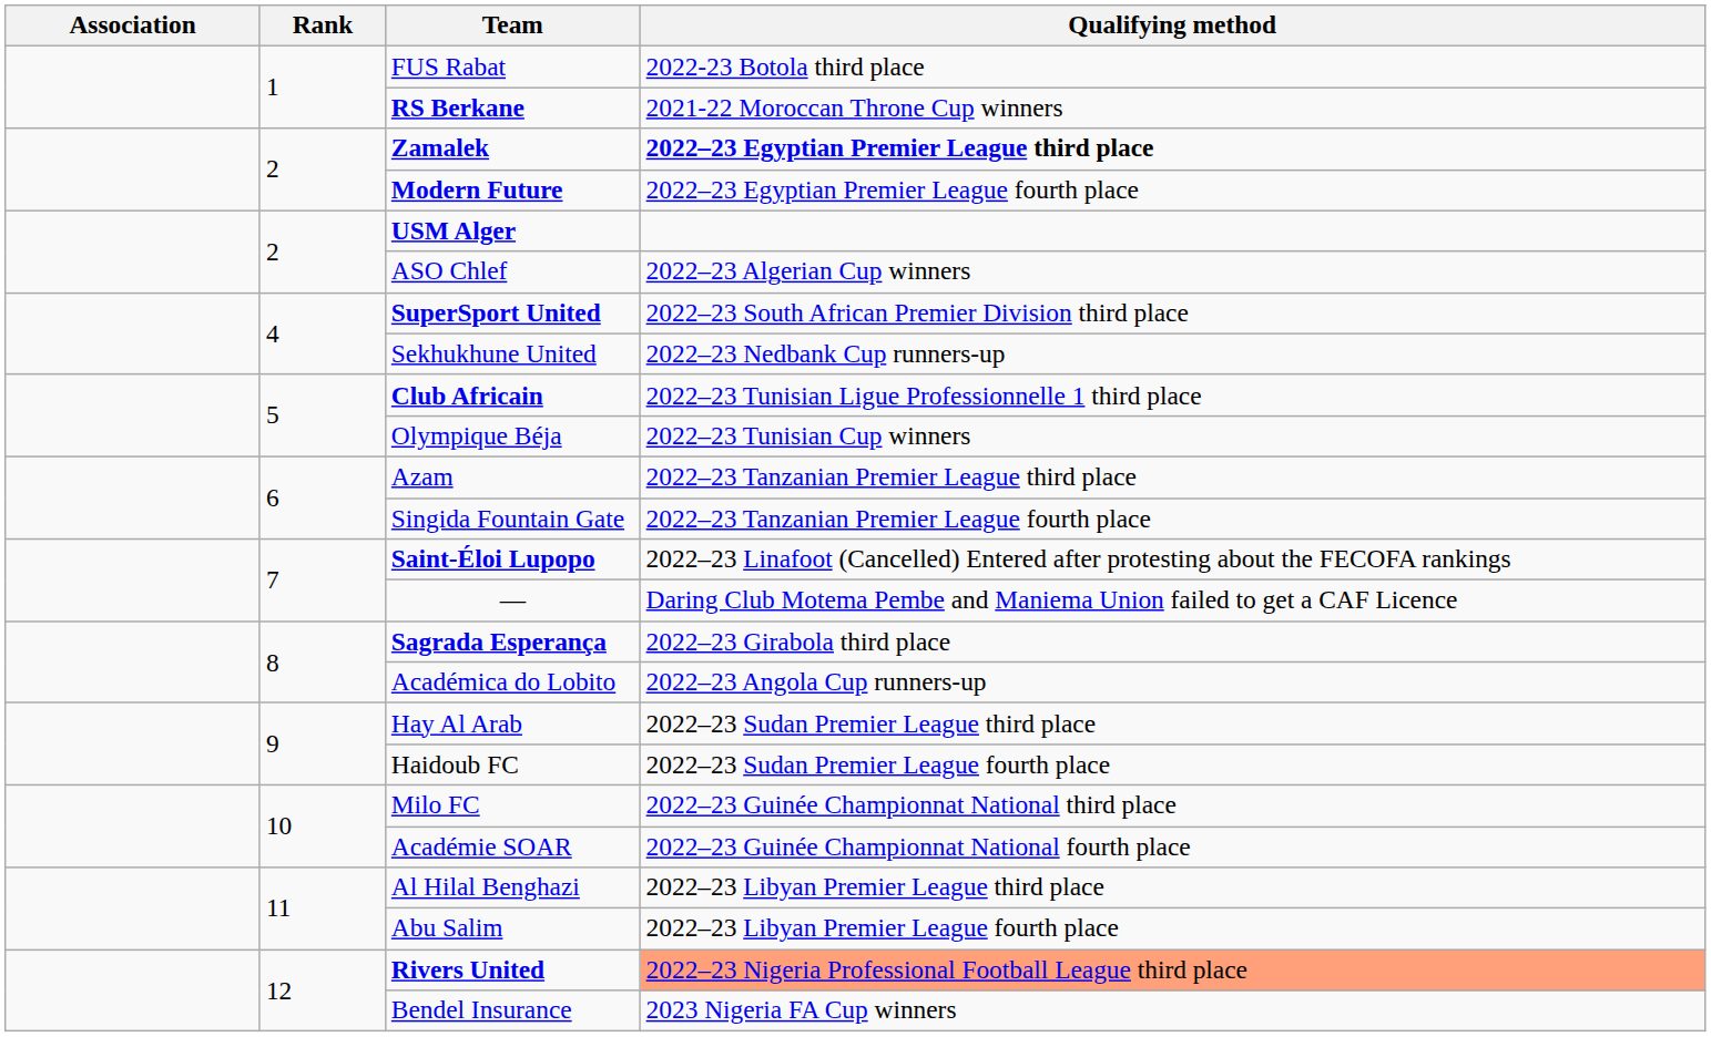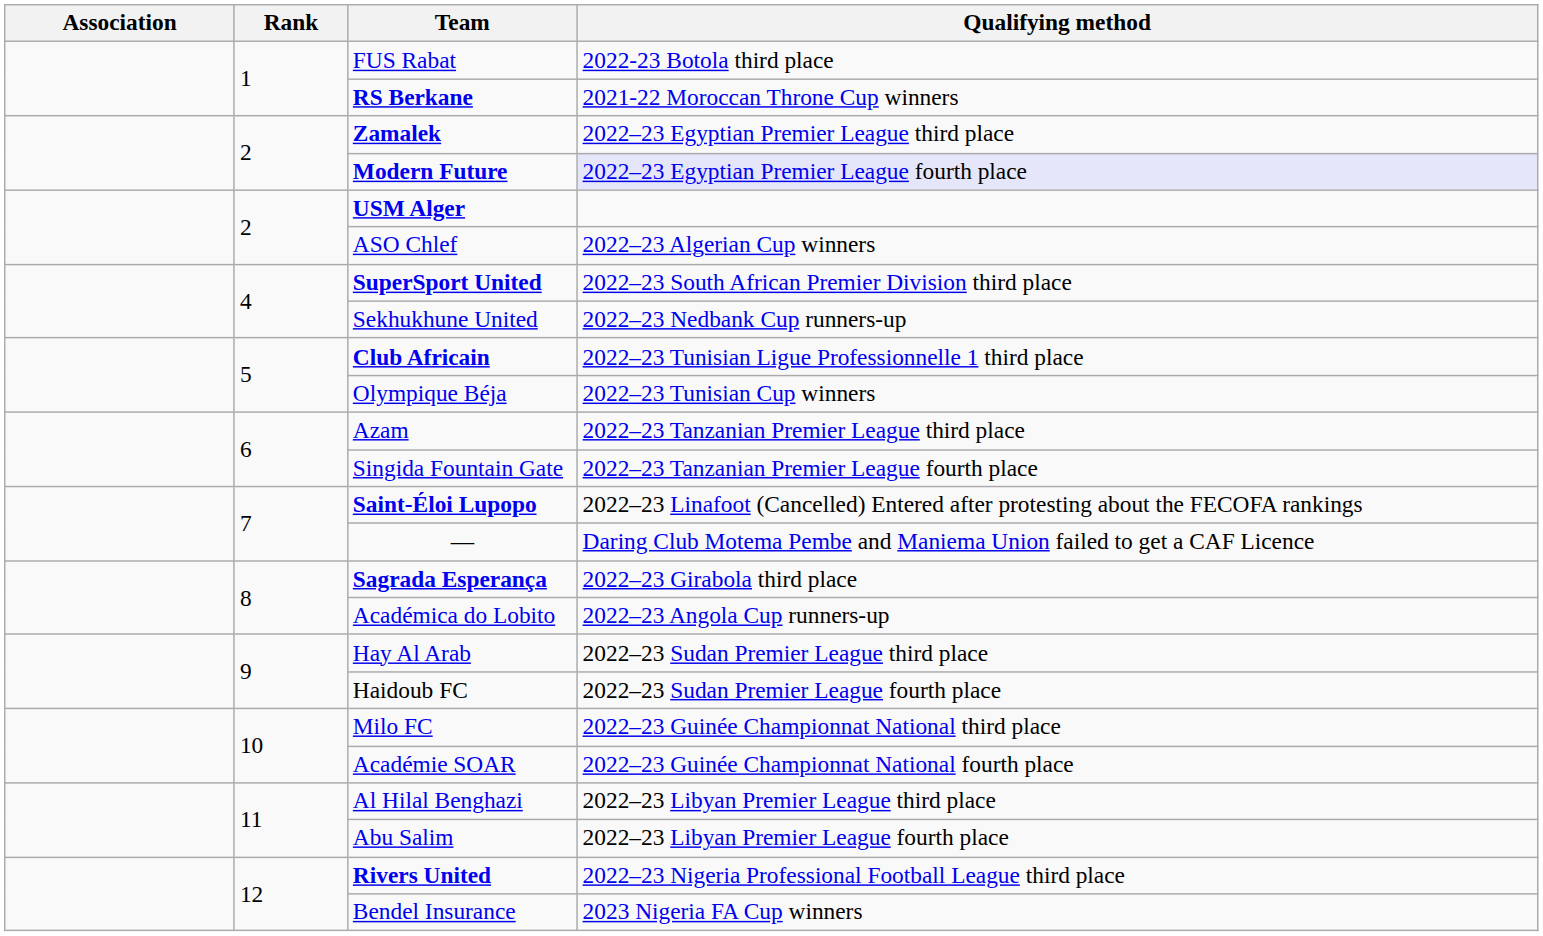 <table class="wikitable">
 <tr>
 <th width=150>Association</th>
 <th width=70>Rank </th>
 <th width=150>Team</th>
 <th width=650>Qualifying method</th>
 </tr>
 <tr>
 <td rowspan=2></td>
 <td rowspan=2>1 </td>
 <td><a href='#'>FUS Rabat</a></td>
 <td><a href='#'>2022-23 Botola</a> third place</td>
 </tr>
 <tr>
 <td><strong><a href='#'>RS Berkane</a></strong></td>
 <td><a href='#'>2021-22 Moroccan Throne Cup</a> winners</td>
 </tr>
 <tr>
 <td rowspan=2></td>
 <td rowspan=2>2 </td>
 <td><strong><a href='#'>Zamalek</a></strong></td>
-<td><strong><a href='#'>2022–23 Egyptian Premier League</a> third place</strong></td>
+<td><a href='#'>2022–23 Egyptian Premier League</a> third place</td>
 </tr>
 <tr>
 <td><strong><a href='#'>Modern Future</a></strong></td>
-<td><a href='#'>2022–23 Egyptian Premier League</a> fourth place</td>
+<td style="background: lavender;"><a href='#'>2022–23 Egyptian Premier League</a> fourth place</td>
 </tr>
 <tr>
 <td rowspan=2></td>
 <td rowspan=2>2 </td>
 <td><strong><a href='#'>USM Alger</a></strong></td>
 <td></td>
 </tr>
 <tr>
 <td><a href='#'>ASO Chlef</a></td>
 <td><a href='#'>2022–23 Algerian Cup</a> winners</td>
 </tr>
 <tr>
 <td rowspan=2></td>
 <td rowspan=2>4 </td>
 <td><strong><a href='#'>SuperSport United</a></strong></td>
 <td><a href='#'>2022–23 South African Premier Division</a> third place</td>
 </tr>
 <tr>
 <td><a href='#'>Sekhukhune United</a></td>
 <td><a href='#'>2022–23 Nedbank Cup</a> runners-up</td>
 </tr>
 <tr>
 <td rowspan=2></td>
 <td rowspan=2>5 </td>
 <td><strong><a href='#'>Club Africain</a></strong></td>
 <td><a href='#'>2022–23 Tunisian Ligue Professionnelle 1</a> third place</td>
 </tr>
 <tr>
 <td><a href='#'>Olympique Béja</a></td>
 <td><a href='#'>2022–23 Tunisian Cup</a> winners</td>
 </tr>
 <tr>
 <td rowspan=2></td>
 <td rowspan=2>6 </td>
 <td><a href='#'>Azam</a></td>
 <td><a href='#'>2022–23 Tanzanian Premier League</a> third place</td>
 </tr>
 <tr>
 <td><a href='#'>Singida Fountain Gate</a></td>
 <td><a href='#'>2022–23 Tanzanian Premier League</a> fourth place</td>
 </tr>
 <tr>
 <td rowspan=2></td>
 <td rowspan=2>7 </td>
 <td><strong><a href='#'>Saint-Éloi Lupopo</a></strong></td>
 <td>2022–23 <a href='#'>Linafoot</a> (Cancelled) Entered after protesting about the FECOFA rankings</td>
 </tr>
 <tr>
 <td align=center>—</td>
 <td Daring Club Motema Pembe and Maniema Union><a href='#'>Daring Club Motema Pembe</a> and <a href='#'>Maniema Union</a> failed to get a CAF Licence</td>
 </tr>
 <tr>
 <td rowspan=2></td>
 <td rowspan=2>8 </td>
 <td><strong><a href='#'>Sagrada Esperança</a></strong></td>
 <td><a href='#'>2022–23 Girabola</a> third place</td>
 </tr>
 <tr>
 <td><a href='#'>Académica do Lobito</a></td>
 <td><a href='#'>2022–23 Angola Cup</a> runners-up</td>
 </tr>
 <tr>
 <td rowspan=2></td>
 <td rowspan=2>9 </td>
 <td><a href='#'>Hay Al Arab</a></td>
 <td>2022–23 <a href='#'>Sudan Premier League</a> third place</td>
 </tr>
 <tr>
 <td>Haidoub FC</td>
 <td>2022–23 <a href='#'>Sudan Premier League</a> fourth place</td>
 </tr>
 <tr>
 <td rowspan=2></td>
 <td rowspan=2>10 </td>
 <td><a href='#'>Milo FC</a></td>
 <td><a href='#'>2022–23 Guinée Championnat National</a> third place</td>
 </tr>
 <tr>
 <td><a href='#'>Académie SOAR</a></td>
 <td><a href='#'>2022–23 Guinée Championnat National</a> fourth place</td>
 </tr>
 <tr>
 <td rowspan=2></td>
 <td rowspan=2>11 </td>
 <td><a href='#'>Al Hilal Benghazi</a></td>
 <td>2022–23 <a href='#'>Libyan Premier League</a> third place</td>
 </tr>
 <tr>
 <td><a href='#'>Abu Salim</a></td>
 <td>2022–23 <a href='#'>Libyan Premier League</a> fourth place</td>
 </tr>
 <tr>
 <td rowspan=2></td>
 <td rowspan=2>12 </td>
 <td><strong><a href='#'>Rivers United</a></strong></td>
-<td style="background: lightsalmon;"><a href='#'>2022–23 Nigeria Professional Football League</a> third place</td>
+<td><a href='#'>2022–23 Nigeria Professional Football League</a> third place</td>
 </tr>
 <tr>
 <td><a href='#'>Bendel Insurance</a></td>
 <td><a href='#'>2023 Nigeria FA Cup</a> winners</td>
 </tr>
 </table>
